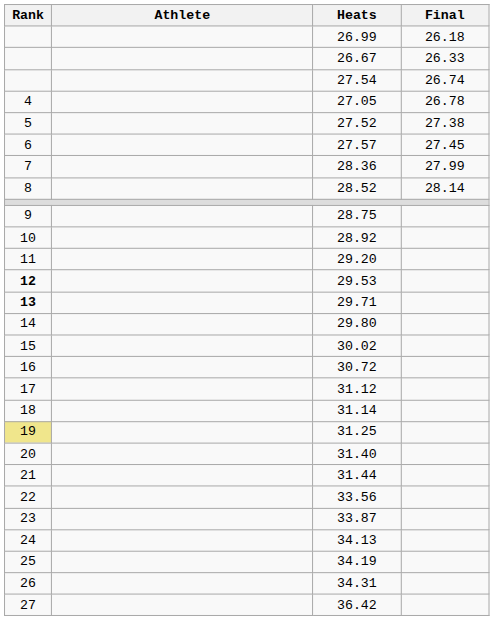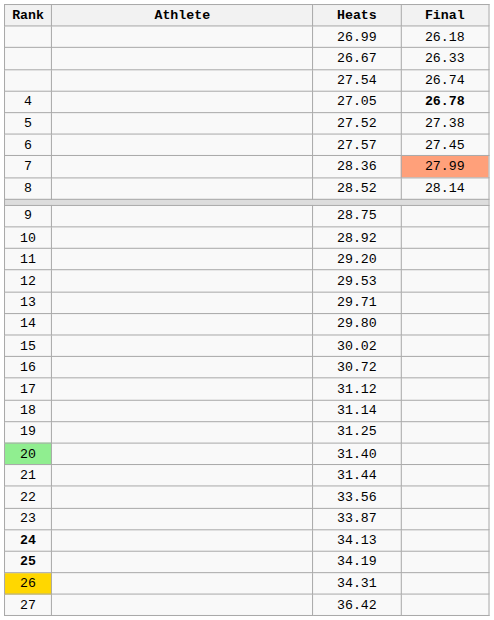 <table class=wikitable style="text-align:center">
 <tr>
 <th width=40>Rank</th>
 <th width=250>Athlete</th>
 <th width=80>Heats</th>
 <th width=80>Final</th>
 </tr>
 <tr>
 <td></td>
 <td align=left></td>
 <td>26.99</td>
 <td>26.18</td>
 </tr>
 <tr>
 <td></td>
 <td align=left></td>
 <td>26.67</td>
 <td>26.33</td>
 </tr>
 <tr>
 <td></td>
 <td align=left></td>
 <td>27.54</td>
 <td>26.74</td>
 </tr>
 <tr>
 <td>4</td>
 <td align=left></td>
 <td>27.05</td>
-<td>26.78</td>
+<td><strong>26.78</strong></td>
 </tr>
 <tr>
 <td>5</td>
 <td align=left></td>
 <td>27.52</td>
 <td>27.38</td>
 </tr>
 <tr>
 <td>6</td>
 <td align=left></td>
 <td>27.57</td>
 <td>27.45</td>
 </tr>
 <tr>
 <td>7</td>
 <td align=left></td>
 <td>28.36</td>
-<td>27.99</td>
+<td style="background: lightsalmon;">27.99</td>
 </tr>
 <tr>
 <td>8</td>
 <td align=left></td>
 <td>28.52</td>
 <td>28.14</td>
 </tr>
 <tr bgcolor=#DDDDDD>
 <td colspan=4></td>
 </tr>
 <tr>
 <td>9</td>
 <td align=left></td>
 <td>28.75</td>
 <td></td>
 </tr>
 <tr>
 <td>10</td>
 <td align=left></td>
 <td>28.92</td>
 <td></td>
 </tr>
 <tr>
 <td>11</td>
 <td align=left></td>
 <td>29.20</td>
 <td></td>
 </tr>
 <tr>
-<td><strong>12</strong></td>
+<td>12</td>
 <td align=left></td>
 <td>29.53</td>
 <td></td>
 </tr>
 <tr>
-<td><strong>13</strong></td>
+<td>13</td>
 <td align=left></td>
 <td>29.71</td>
 <td></td>
 </tr>
 <tr>
 <td>14</td>
 <td align=left></td>
 <td>29.80</td>
 <td></td>
 </tr>
 <tr>
 <td>15</td>
 <td align=left></td>
 <td>30.02</td>
 <td></td>
 </tr>
 <tr>
 <td>16</td>
 <td align=left></td>
 <td>30.72</td>
 <td></td>
 </tr>
 <tr>
 <td>17</td>
 <td align=left></td>
 <td>31.12</td>
 <td></td>
 </tr>
 <tr>
 <td>18</td>
 <td align=left></td>
 <td>31.14</td>
 <td></td>
 </tr>
 <tr>
-<td style="background: khaki;">19</td>
+<td>19</td>
 <td align=left></td>
 <td>31.25</td>
 <td></td>
 </tr>
 <tr>
-<td>20</td>
+<td style="background: lightgreen;">20</td>
 <td align=left></td>
 <td>31.40</td>
 <td></td>
 </tr>
 <tr>
 <td>21</td>
 <td align=left></td>
 <td>31.44</td>
 <td></td>
 </tr>
 <tr>
 <td>22</td>
 <td align=left></td>
 <td>33.56</td>
 <td></td>
 </tr>
 <tr>
 <td>23</td>
 <td align=left></td>
 <td>33.87</td>
 <td></td>
 </tr>
 <tr>
-<td>24</td>
+<td><strong>24</strong></td>
 <td align=left></td>
 <td>34.13</td>
 <td></td>
 </tr>
 <tr>
-<td>25</td>
+<td><strong>25</strong></td>
 <td align=left></td>
 <td>34.19</td>
 <td></td>
 </tr>
 <tr>
-<td>26</td>
+<td style="background: gold;">26</td>
 <td align=left></td>
 <td>34.31</td>
 <td></td>
 </tr>
 <tr>
 <td>27</td>
 <td align=left></td>
 <td>36.42</td>
 <td></td>
 </tr>
 </table>
